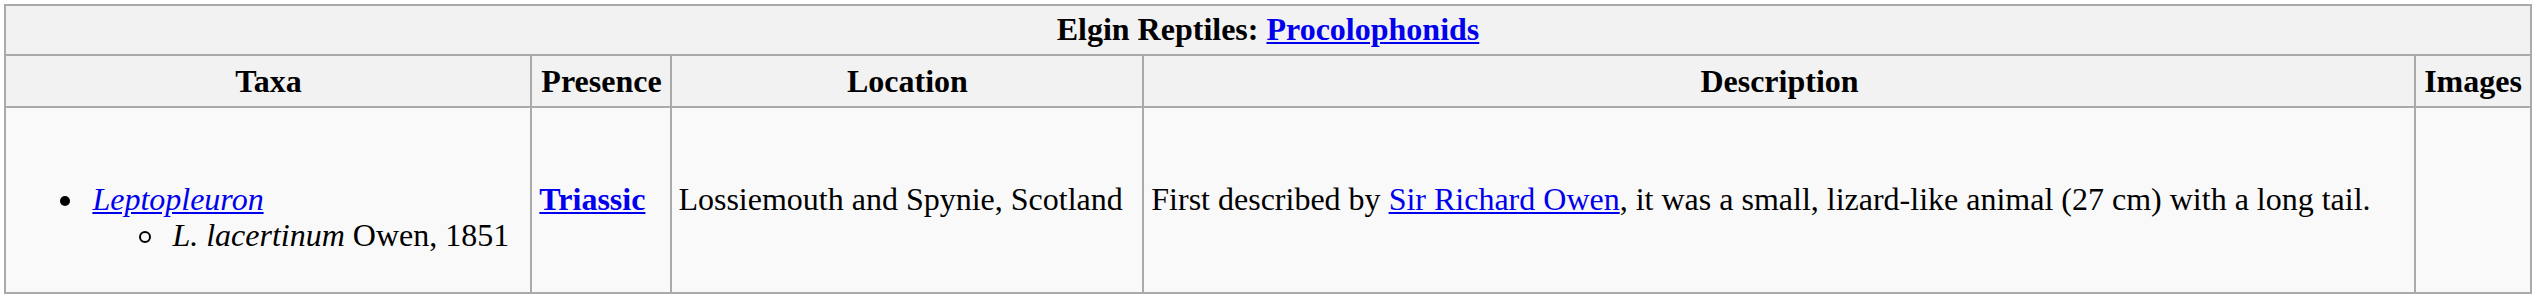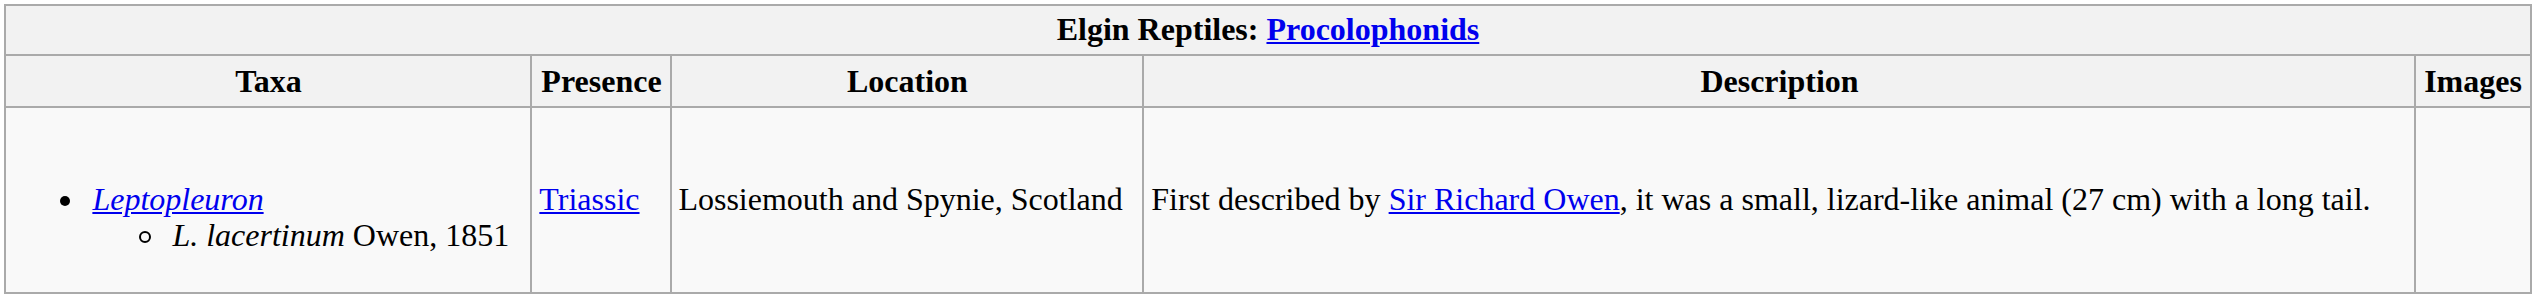 <table class="wikitable" align="center" width="100%">
 <tr>
 <th colspan="5" align="center">Elgin Reptiles: <strong><a href='#'>Procolophonids</a></strong></th>
 </tr>
 <tr>
 <th>Taxa</th>
 <th>Presence</th>
 <th>Location</th>
 <th>Description</th>
 <th>Images</th>
 </tr>
 <tr>
 <td><br><ul><li><em><a href='#'>Leptopleuron</a></em><ul><li><em>L. lacertinum</em> Owen, 1851</li></ul></li></ul></td>
-<td><strong><a href='#'>Triassic</a></strong></td>
+<td><a href='#'>Triassic</a></td>
 <td>Lossiemouth and Spynie, Scotland</td>
 <td>First described by <a href='#'>Sir Richard Owen</a>, it was a small, lizard-like animal (27 cm) with a long tail.</td>
 <td></td>
 </tr>
 <tr>
 </tr>
 </table>
